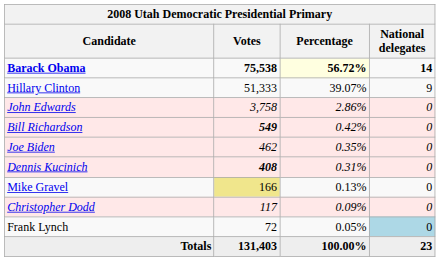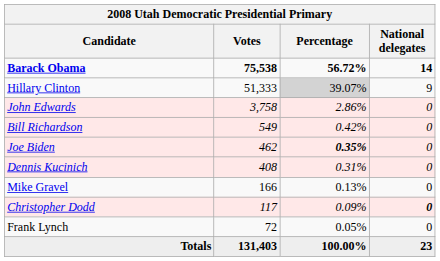 <table class="wikitable" style="font-size:95%; text-align:right;">
 <tr>
 <th colspan="4">2008 Utah Democratic Presidential Primary</th>
 </tr>
 <tr>
 <th style="width: 17em">Candidate</th>
 <th style="width: 5em">Votes</th>
 <th style="width: 7em">Percentage</th>
 <th style="width: 5em">National delegates</th>
 </tr>
 <tr>
 <td align="left"><strong><a href='#'>Barack Obama</a></strong></td>
 <td><strong>75,538</strong></td>
-<td style="background: lightyellow;"><strong>56.72%</strong></td>
+<td><strong>56.72%</strong></td>
 <td><strong>14</strong></td>
 </tr>
 <tr>
 <td align="left"><a href='#'>Hillary Clinton</a></td>
 <td>51,333</td>
-<td>39.07%</td>
+<td style="background: lightgrey;">39.07%</td>
 <td>9</td>
 </tr>
 <tr bgcolor=#FFE8E8>
 <td align="left"><em><a href='#'>John Edwards</a></em></td>
 <td><em>3,758</em></td>
 <td><em>2.86%</em></td>
 <td><em>0</em></td>
 </tr>
 <tr bgcolor=#FFE8E8>
 <td align="left"><em><a href='#'>Bill Richardson</a></em></td>
-<td><strong><em>549</em></strong></td>
+<td><em>549</em></td>
 <td><em>0.42%</em></td>
 <td><em>0</em></td>
 </tr>
 <tr bgcolor=#FFE8E8>
 <td align="left"><em><a href='#'>Joe Biden</a></em></td>
 <td><em>462</em></td>
-<td><em>0.35%</em></td>
+<td><strong><em>0.35%</em></strong></td>
 <td><em>0</em></td>
 </tr>
 <tr bgcolor=#FFE8E8>
 <td align="left"><em><a href='#'>Dennis Kucinich</a></em></td>
-<td><strong><em>408</em></strong></td>
+<td><em>408</em></td>
 <td><em>0.31%</em></td>
 <td><em>0</em></td>
 </tr>
 <tr>
 <td align="left"><a href='#'>Mike Gravel</a></td>
-<td style="background: khaki;">166</td>
+<td>166</td>
 <td>0.13%</td>
 <td>0</td>
 </tr>
 <tr bgcolor=#FFE8E8>
 <td align="left"><em><a href='#'>Christopher Dodd</a></em></td>
 <td><em>117</em></td>
 <td><em>0.09%</em></td>
-<td><em>0</em></td>
+<td><strong><em>0</em></strong></td>
 </tr>
 <tr>
 <td align="left">Frank Lynch</td>
 <td>72</td>
 <td>0.05%</td>
-<td style="background: lightblue;">0</td>
+<td>0</td>
 </tr>
 <tr bgcolor="#EEEEEE" style="margin-right:0.5em">
 <td><strong>Totals</strong></td>
 <td><strong>131,403</strong></td>
 <td><strong>100.00%</strong></td>
 <td><strong>23</strong></td>
 </tr>
 </table>
